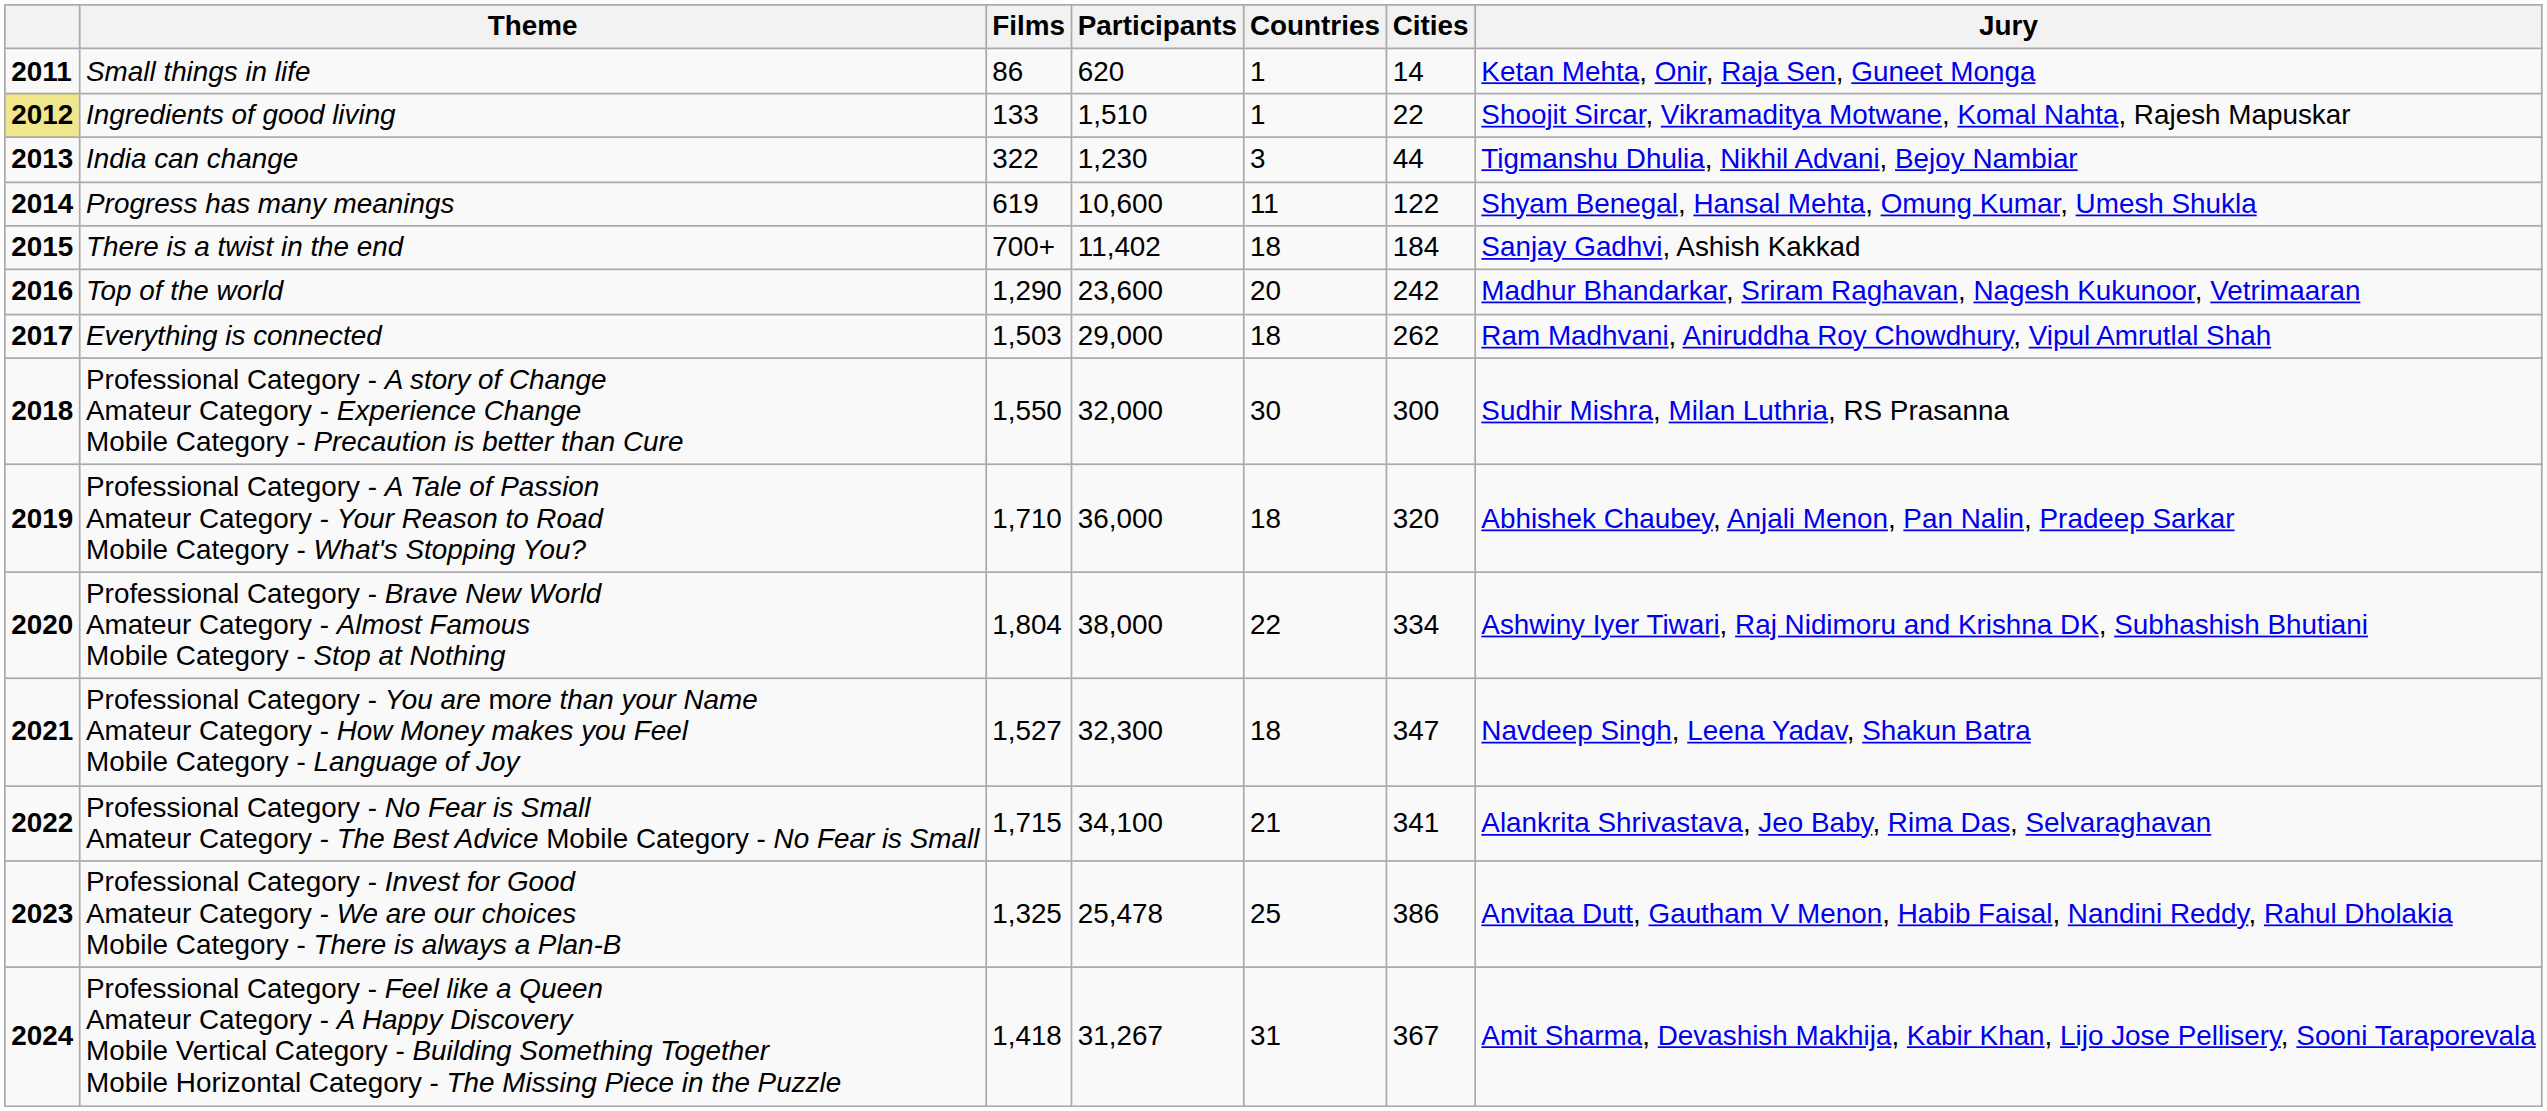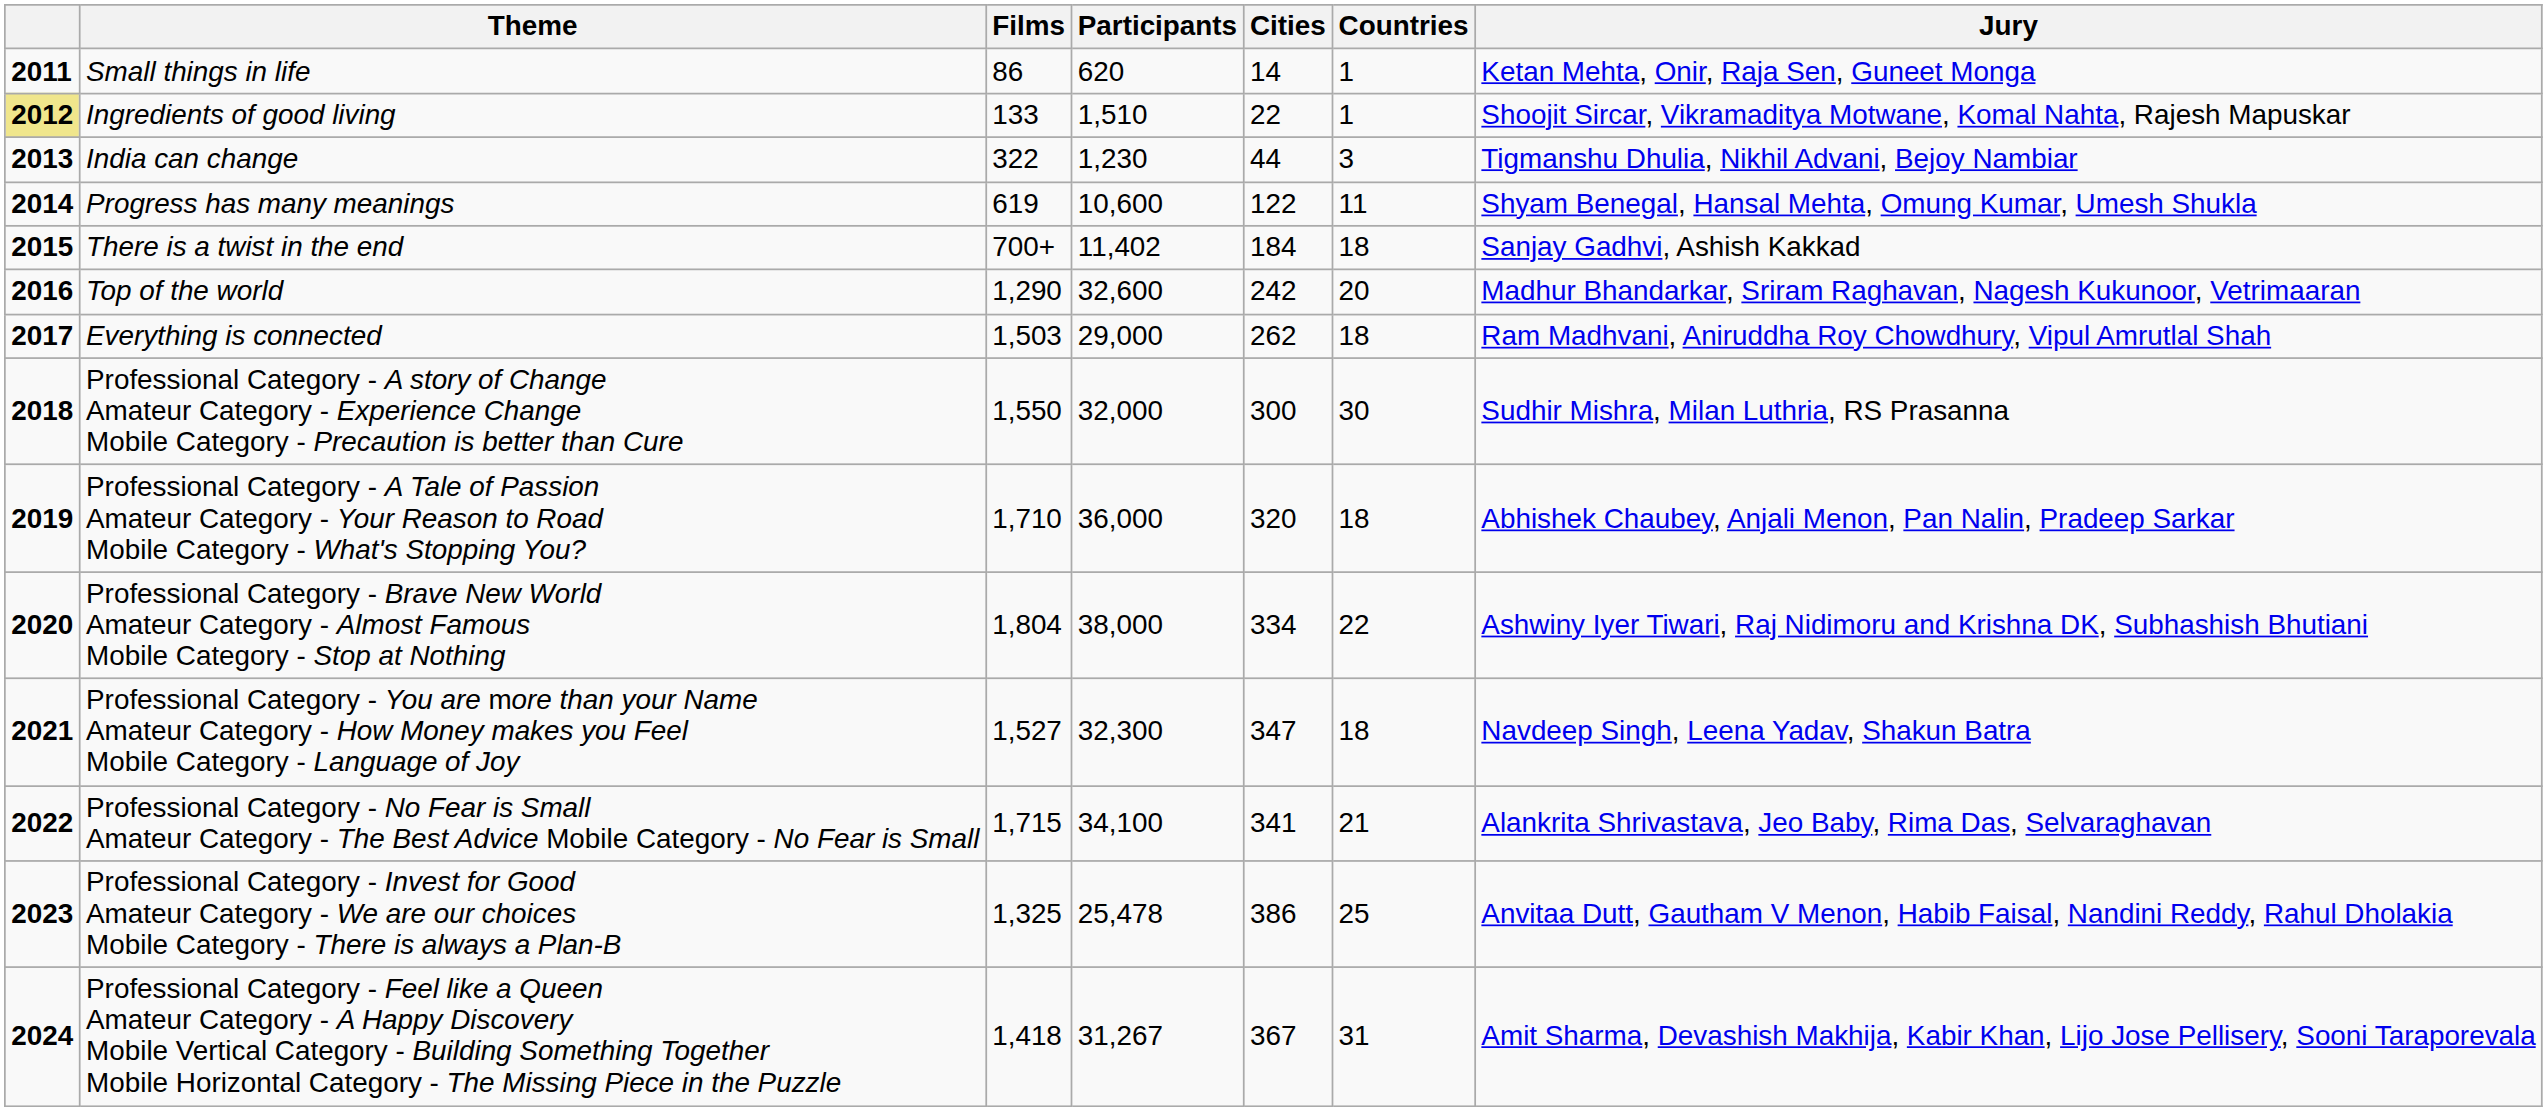 <table class="wikitable">
 <tr>
 <th></th>
 <th>Theme</th>
 <th>Films</th>
 <th>Participants</th>
+<th>Cities</th>
 <th>Countries</th>
-<th>Cities</th>
 <th>Jury</th>
 </tr>
 <tr>
 <td><strong>2011</strong></td>
 <td><em>Small things in life</em></td>
 <td>86</td>
 <td>620</td>
+<td>14</td>
 <td>1</td>
-<td>14</td>
 <td><a href='#'>Ketan Mehta</a>, <a href='#'>Onir</a>, <a href='#'>Raja Sen</a>, <a href='#'>Guneet Monga</a></td>
 </tr>
 <tr>
 <td style="background: khaki;"><strong>2012</strong></td>
 <td><em>Ingredients of good living</em></td>
 <td>133</td>
 <td>1,510</td>
+<td>22</td>
 <td>1</td>
-<td>22</td>
 <td><a href='#'>Shoojit Sircar</a>, <a href='#'>Vikramaditya Motwane</a>, <a href='#'>Komal Nahta</a>, Rajesh Mapuskar</td>
 </tr>
 <tr>
 <td><strong>2013</strong></td>
 <td><em>India can change</em></td>
 <td>322</td>
 <td>1,230</td>
+<td>44</td>
 <td>3</td>
-<td>44</td>
 <td><a href='#'>Tigmanshu Dhulia</a>, <a href='#'>Nikhil Advani</a>, <a href='#'>Bejoy Nambiar</a></td>
 </tr>
 <tr>
 <td><strong>2014</strong></td>
 <td><em>Progress has many meanings</em></td>
 <td>619</td>
 <td>10,600</td>
+<td>122</td>
 <td>11</td>
-<td>122</td>
 <td><a href='#'>Shyam Benegal</a>, <a href='#'>Hansal Mehta</a>, <a href='#'>Omung Kumar</a>, <a href='#'>Umesh Shukla</a></td>
 </tr>
 <tr>
 <td><strong>2015</strong></td>
 <td><em>There is a twist in the end</em></td>
 <td>700+</td>
 <td>11,402</td>
+<td>184</td>
 <td>18</td>
-<td>184</td>
 <td><a href='#'>Sanjay Gadhvi</a>, Ashish Kakkad</td>
 </tr>
 <tr>
 <td><strong>2016</strong></td>
 <td><em>Top of the world</em></td>
 <td>1,290</td>
-<td>23,600</td>
+<td>32,600</td>
+<td>242</td>
 <td>20</td>
-<td>242</td>
 <td><a href='#'>Madhur Bhandarkar</a>, <a href='#'>Sriram Raghavan</a>, <a href='#'>Nagesh Kukunoor</a>, <a href='#'>Vetrimaaran</a></td>
 </tr>
 <tr>
 <td><strong>2017</strong></td>
 <td><em>Everything is connected</em></td>
 <td>1,503</td>
 <td>29,000</td>
+<td>262</td>
 <td>18</td>
-<td>262</td>
 <td><a href='#'>Ram Madhvani</a>, <a href='#'>Aniruddha Roy Chowdhury</a>, <a href='#'>Vipul Amrutlal Shah</a></td>
 </tr>
 <tr>
 <td><strong>2018</strong></td>
 <td>Professional Category - <em>A story of Change</em><br>Amateur Category - <em>Experience Change</em><br>Mobile Category - <em>Precaution is better than Cure</em></td>
 <td>1,550</td>
 <td>32,000</td>
+<td>300</td>
 <td>30</td>
-<td>300</td>
 <td><a href='#'>Sudhir Mishra</a>, <a href='#'>Milan Luthria</a>, RS Prasanna</td>
 </tr>
 <tr>
 <td><strong>2019</strong></td>
 <td>Professional Category - <em>A Tale of Passion</em><br>Amateur Category - <em>Your Reason to Road</em><br>Mobile Category - <em>What's Stopping You?</em></td>
 <td>1,710</td>
 <td>36,000</td>
+<td>320</td>
 <td>18</td>
-<td>320</td>
 <td><a href='#'>Abhishek Chaubey</a>, <a href='#'>Anjali Menon</a>, <a href='#'>Pan Nalin</a>, <a href='#'>Pradeep Sarkar</a></td>
 </tr>
 <tr>
 <td><strong>2020</strong></td>
 <td>Professional Category - <em>Brave New World</em><br>Amateur Category - <em>Almost Famous</em><br>Mobile Category - <em>Stop at Nothing</em></td>
 <td>1,804</td>
 <td>38,000</td>
+<td>334</td>
 <td>22</td>
-<td>334</td>
 <td><a href='#'>Ashwiny Iyer Tiwari</a>, <a href='#'>Raj Nidimoru and Krishna DK</a>, <a href='#'>Subhashish Bhutiani</a></td>
 </tr>
 <tr>
 <td><strong>2021</strong></td>
 <td>Professional Category - <em>You are</em> m<em>ore than your Name</em><br>Amateur Category - <em>How Money makes you Feel</em><br>Mobile Category - <em>Language of Joy</em></td>
 <td>1,527</td>
 <td>32,300</td>
+<td>347</td>
 <td>18</td>
-<td>347</td>
 <td><a href='#'>Navdeep Singh</a>, <a href='#'>Leena Yadav</a>, <a href='#'>Shakun Batra</a></td>
 </tr>
 <tr>
 <td><strong>2022</strong></td>
 <td>Professional Category - <em>No Fear is Small</em><br>Amateur Category - <em>The Best Advice</em> Mobile Category - <em>No Fear is Small</em></td>
 <td>1,715</td>
 <td>34,100</td>
+<td>341</td>
 <td>21</td>
-<td>341</td>
 <td><a href='#'>Alankrita Shrivastava</a>, <a href='#'>Jeo Baby</a>, <a href='#'>Rima Das</a>, <a href='#'>Selvaraghavan</a></td>
 </tr>
 <tr>
 <td><strong>2023</strong></td>
 <td>Professional Category - <em>Invest for Good</em><br>Amateur Category - <em>We are our choices</em><br>Mobile Category - <em>There is always a Plan-B</em></td>
 <td>1,325</td>
 <td>25,478</td>
+<td>386</td>
 <td>25</td>
-<td>386</td>
 <td><a href='#'>Anvitaa Dutt</a>, <a href='#'>Gautham V Menon</a>, <a href='#'>Habib Faisal</a>, <a href='#'>Nandini Reddy</a>, <a href='#'>Rahul Dholakia</a></td>
 </tr>
 <tr>
 <td><strong>2024</strong></td>
 <td>Professional Category - <em>Feel like a Queen</em><br>Amateur Category - <em>A Happy Discovery</em><br>Mobile Vertical Category - <em>Building Something Together</em><br>Mobile Horizontal Category - <em>The Missing Piece in the Puzzle</em></td>
 <td>1,418</td>
 <td>31,267</td>
+<td>367</td>
 <td>31</td>
-<td>367</td>
 <td><a href='#'>Amit Sharma</a>, <a href='#'>Devashish Makhija</a>, <a href='#'>Kabir Khan</a>, <a href='#'>Lijo Jose Pellisery</a>, <a href='#'>Sooni Taraporevala</a></td>
 </tr>
 </table>
